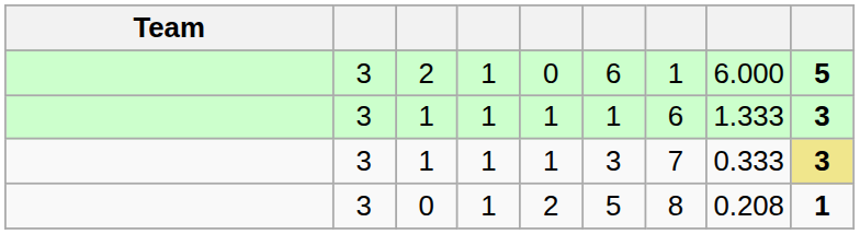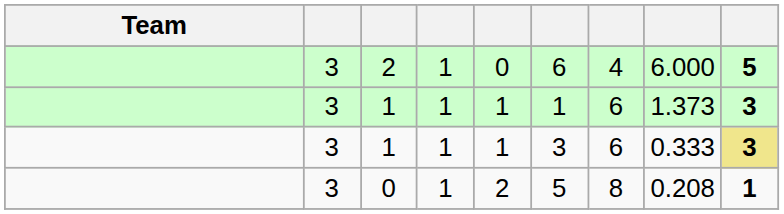 <table class="wikitable" style="text-align: center; font-size:90% ">
 <tr>
 <th width=160>Team</th>
 <th width=25></th>
 <th width=25></th>
 <th width=25></th>
 <th width=25></th>
 <th width=25></th>
 <th width=25></th>
 <th width=35></th>
 <th width=25></th>
 </tr>
 <tr bgcolor=ccffcc>
 <td align=left></td>
 <td>3</td>
 <td>2</td>
 <td>1</td>
 <td>0</td>
 <td>6</td>
-<td>1</td>
+<td>4</td>
 <td>6.000</td>
 <td><strong>5</strong></td>
 </tr>
 <tr bgcolor=ccffcc>
 <td align=left></td>
 <td>3</td>
 <td>1</td>
 <td>1</td>
 <td>1</td>
 <td>1</td>
 <td>6</td>
-<td>1.333</td>
+<td>1.373</td>
 <td><strong>3</strong></td>
 </tr>
 <tr>
 <td align=left></td>
 <td>3</td>
 <td>1</td>
 <td>1</td>
 <td>1</td>
 <td>3</td>
-<td>7</td>
+<td>6</td>
 <td>0.333</td>
 <td style="background: khaki;"><strong>3</strong></td>
 </tr>
 <tr>
 <td align=left></td>
 <td>3</td>
 <td>0</td>
 <td>1</td>
 <td>2</td>
 <td>5</td>
 <td>8</td>
 <td>0.208</td>
 <td><strong>1</strong></td>
 </tr>
 </table>
